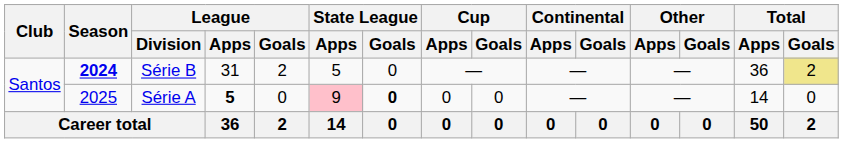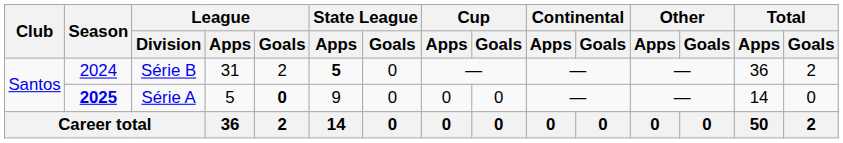 <table class="wikitable" style="text-align: center">
 <tr>
 <th rowspan="2">Club</th>
 <th rowspan="2">Season</th>
 <th colspan="3">League</th>
 <th colspan="2">State League</th>
 <th colspan="2">Cup</th>
 <th colspan="2">Continental</th>
 <th colspan="2">Other</th>
 <th colspan="2">Total</th>
 </tr>
 <tr>
 <th>Division</th>
 <th>Apps</th>
 <th>Goals</th>
 <th>Apps</th>
 <th>Goals</th>
 <th>Apps</th>
 <th>Goals</th>
 <th>Apps</th>
 <th>Goals</th>
 <th>Apps</th>
 <th>Goals</th>
 <th>Apps</th>
 <th>Goals</th>
 </tr>
 <tr>
 <td rowspan="2"><a href='#'>Santos</a></td>
-<td><strong><a href='#'>2024</a></strong></td>
+<td><a href='#'>2024</a></td>
 <td><a href='#'>Série B</a></td>
 <td>31</td>
 <td>2</td>
-<td>5</td>
+<td><strong>5</strong></td>
 <td>0</td>
 <td colspan="2">—</td>
 <td colspan="2">—</td>
 <td colspan="2">—</td>
 <td>36</td>
-<td style="background: khaki;">2</td>
+<td>2</td>
 </tr>
 <tr>
-<td><a href='#'>2025</a></td>
+<td><strong><a href='#'>2025</a></strong></td>
 <td><a href='#'>Série A</a></td>
-<td><strong>5</strong></td>
+<td>5</td>
+<td><strong>0</strong></td>
+<td>9</td>
 <td>0</td>
-<td style="background: pink;">9</td>
-<td><strong>0</strong></td>
 <td>0</td>
 <td>0</td>
 <td colspan="2">—</td>
 <td colspan="2">—</td>
 <td>14</td>
 <td>0</td>
 </tr>
 <tr>
 <th colspan="3"><strong>Career total</strong></th>
 <th>36</th>
 <th>2</th>
 <th>14</th>
 <th>0</th>
 <th>0</th>
 <th>0</th>
 <th>0</th>
 <th>0</th>
 <th>0</th>
 <th>0</th>
 <th>50</th>
 <th>2</th>
 </tr>
 </table>
